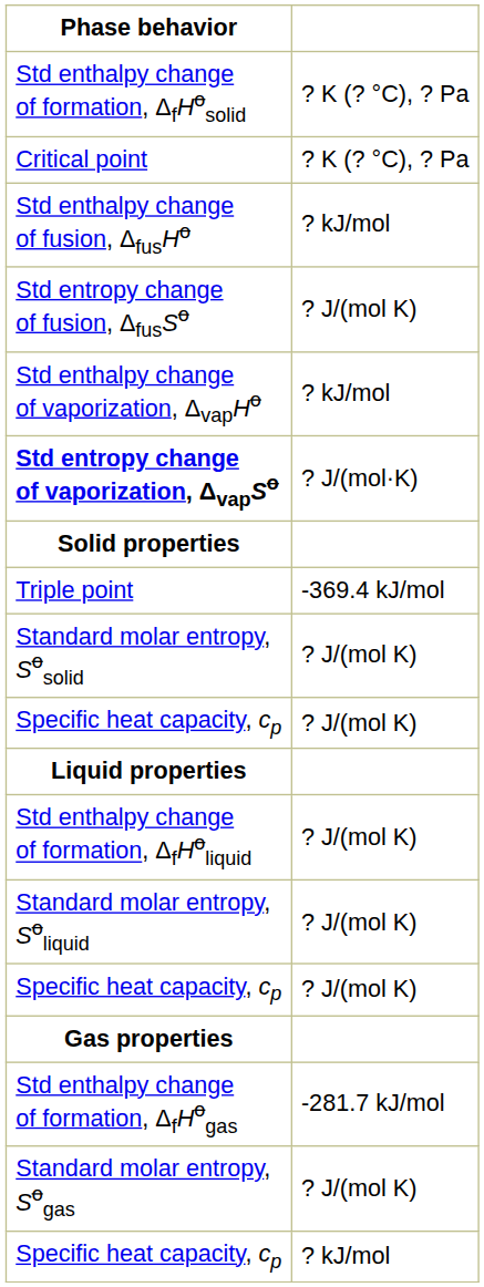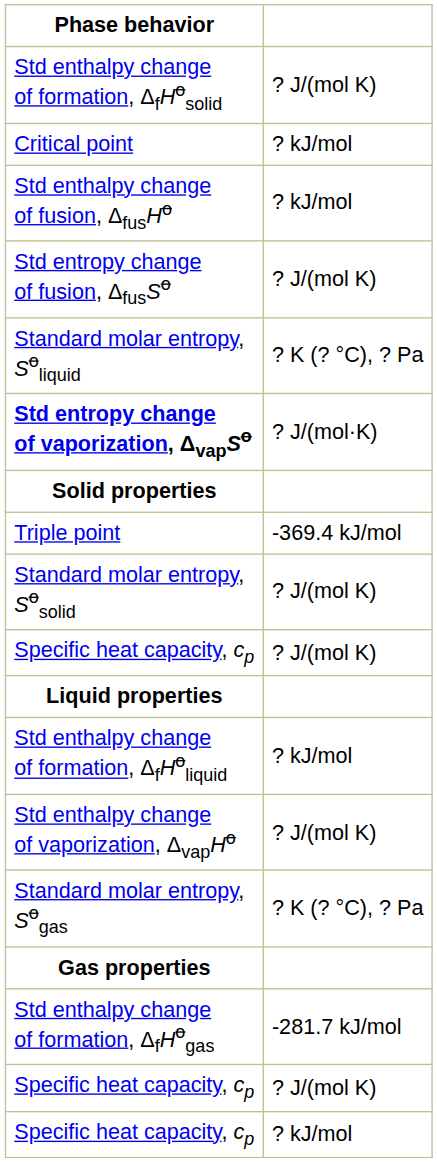 <table border="1" cellspacing="0" cellpadding="6" style="margin:0 0 0 0.5em; background:#fff; border-collapse:collapse; border-color:#c0c090;">
 <tr>
 <th>Phase behavior</th>
 </tr>
 <tr>
 <td><a href='#'>Std enthalpy change<br>of formation</a>, Δ<sub>f</sub><em>H</em><sup><s>o</s></sup><sub>solid</sub></td>
-<td>? K (? °C), ? Pa</td>
+<td>? J/(mol K)</td>
 </tr>
 <tr>
 <td><a href='#'>Critical point</a></td>
-<td>? K (? °C), ? Pa</td>
+<td>? kJ/mol</td>
 </tr>
 <tr>
 <td><a href='#'>Std enthalpy change<br>of fusion</a>, Δ<sub>fus</sub><em>H</em><sup><s>o</s></sup></td>
 <td>? kJ/mol</td>
 </tr>
 <tr>
 <td><a href='#'>Std entropy change<br>of fusion</a>, Δ<sub>fus</sub><em>S</em><sup><s>o</s></sup></td>
 <td>? J/(mol K)</td>
 </tr>
 <tr>
-<td><a href='#'>Std enthalpy change<br>of vaporization</a>, Δ<sub>vap</sub><em>H</em><sup><s>o</s></sup></td>
-<td>? kJ/mol</td>
+<td><a href='#'>Standard molar entropy</a>,<br><em>S</em><sup><s>o</s></sup><sub>liquid</sub></td>
+<td>? K (? °C), ? Pa</td>
 </tr>
 <tr>
 <td><strong><a href='#'>Std entropy change<br>of vaporization</a>, Δ<sub>vap</sub><em>S</em><sup><s>o</s></sup></strong></td>
 <td>? J/(mol·K)</td>
 </tr>
 <tr>
 <th>Solid properties</th>
 </tr>
 <tr>
 <td><a href='#'>Triple point</a></td>
 <td>-369.4 kJ/mol</td>
 </tr>
 <tr>
 <td><a href='#'>Standard molar entropy</a>,<br><em>S</em><sup><s>o</s></sup><sub>solid</sub></td>
 <td>? J/(mol K)</td>
 </tr>
 <tr>
 <td><a href='#'>Specific heat capacity</a>, <em>c<sub>p</sub></em></td>
 <td>? J/(mol K)</td>
 </tr>
 <tr>
 <th>Liquid properties</th>
 </tr>
 <tr>
 <td><a href='#'>Std enthalpy change<br>of formation</a>, Δ<sub>f</sub><em>H</em><sup><s>o</s></sup><sub>liquid</sub></td>
+<td>? kJ/mol</td>
+</tr>
+<tr>
+<td><a href='#'>Std enthalpy change<br>of vaporization</a>, Δ<sub>vap</sub><em>H</em><sup><s>o</s></sup></td>
 <td>? J/(mol K)</td>
 </tr>
 <tr>
-<td><a href='#'>Standard molar entropy</a>,<br><em>S</em><sup><s>o</s></sup><sub>liquid</sub></td>
-<td>? J/(mol K)</td>
-</tr>
-<tr>
-<td><a href='#'>Specific heat capacity</a>, <em>c<sub>p</sub></em></td>
-<td>? J/(mol K)</td>
+<td><a href='#'>Standard molar entropy</a>,<br><em>S</em><sup><s>o</s></sup><sub>gas</sub></td>
+<td>? K (? °C), ? Pa</td>
 </tr>
 <tr>
 <th>Gas properties</th>
 </tr>
 <tr>
 <td><a href='#'>Std enthalpy change<br>of formation</a>, Δ<sub>f</sub><em>H</em><sup><s>o</s></sup><sub>gas</sub></td>
 <td>-281.7 kJ/mol</td>
 </tr>
 <tr>
-<td><a href='#'>Standard molar entropy</a>,<br><em>S</em><sup><s>o</s></sup><sub>gas</sub></td>
+<td><a href='#'>Specific heat capacity</a>, <em>c<sub>p</sub></em></td>
 <td>? J/(mol K)</td>
 </tr>
 <tr>
 <td><a href='#'>Specific heat capacity</a>, <em>c<sub>p</sub></em></td>
 <td>? kJ/mol</td>
 </tr>
 </table>
